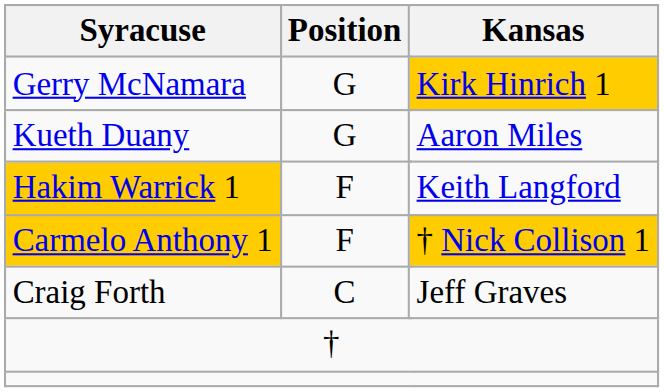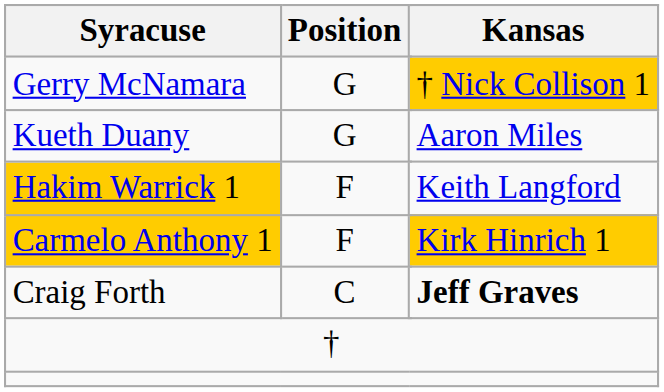 <table class="wikitable">
 <tr>
 <th>Syracuse</th>
 <th colspan="2">Position</th>
 <th>Kansas</th>
 </tr>
 <tr>
 <td><a href='#'>Gerry McNamara</a></td>
 <td colspan=2 style="text-align:center">G</td>
-<td style="background:#ffcc00"><a href='#'>Kirk Hinrich</a> 1</td>
+<td style="background:#ffcc00">† <a href='#'>Nick Collison</a> 1</td>
 </tr>
 <tr>
 <td><a href='#'>Kueth Duany</a></td>
 <td colspan=2 style="text-align:center">G</td>
 <td><a href='#'>Aaron Miles</a></td>
 </tr>
 <tr>
 <td style="background:#ffcc00"><a href='#'>Hakim Warrick</a> 1</td>
 <td colspan=2 style="text-align:center">F</td>
 <td><a href='#'>Keith Langford</a></td>
 </tr>
 <tr>
 <td style="background:#ffcc00"><a href='#'>Carmelo Anthony</a> 1</td>
 <td colspan=2 style="text-align:center">F</td>
-<td style="background:#ffcc00">† <a href='#'>Nick Collison</a> 1</td>
+<td style="background:#ffcc00"><a href='#'>Kirk Hinrich</a> 1</td>
 </tr>
 <tr>
 <td>Craig Forth</td>
 <td colspan=2 style="text-align:center">C</td>
-<td>Jeff Graves</td>
+<td><strong>Jeff Graves</strong></td>
 </tr>
 <tr>
 <td colspan="5" align=center>† </td>
 </tr>
 <tr>
 <td colspan="5" align=center></td>
 </tr>
 </table>
